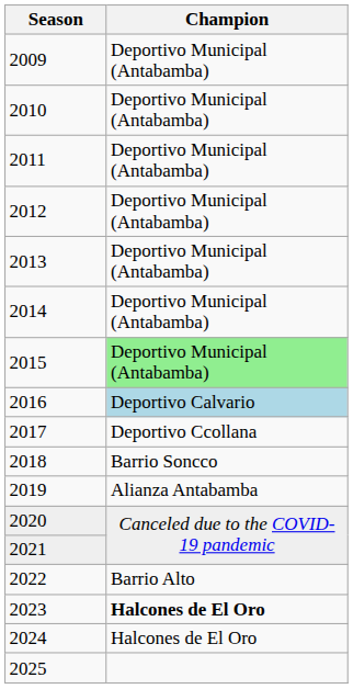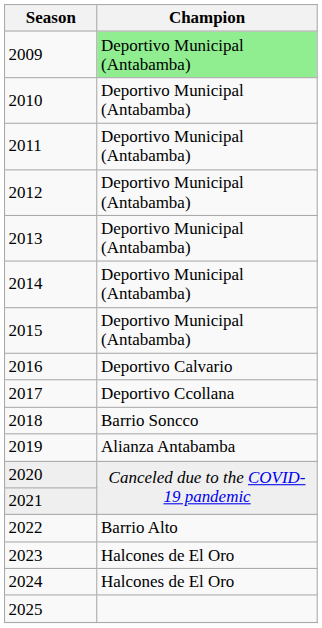 <table class="wikitable sortable">
 <tr>
 <th width=80px>Season</th>
 <th width=200px>Champion</th>
 </tr>
 <tr>
 <td>2009</td>
-<td>Deportivo Municipal (Antabamba)</td>
+<td style="background: lightgreen;">Deportivo Municipal (Antabamba)</td>
 </tr>
 <tr>
 <td>2010</td>
 <td>Deportivo Municipal (Antabamba)</td>
 </tr>
 <tr>
 <td>2011</td>
 <td>Deportivo Municipal (Antabamba)</td>
 </tr>
 <tr>
 <td>2012</td>
 <td>Deportivo Municipal (Antabamba)</td>
 </tr>
 <tr>
 <td>2013</td>
 <td>Deportivo Municipal (Antabamba)</td>
 </tr>
 <tr>
 <td>2014</td>
 <td>Deportivo Municipal (Antabamba)</td>
 </tr>
 <tr>
 <td>2015</td>
-<td style="background: lightgreen;">Deportivo Municipal (Antabamba)</td>
+<td>Deportivo Municipal (Antabamba)</td>
 </tr>
 <tr>
 <td>2016</td>
-<td style="background: lightblue;">Deportivo Calvario</td>
+<td>Deportivo Calvario</td>
 </tr>
 <tr>
 <td>2017</td>
 <td>Deportivo Ccollana</td>
 </tr>
 <tr>
 <td>2018</td>
 <td>Barrio Soncco</td>
 </tr>
 <tr>
 <td>2019</td>
 <td>Alianza Antabamba</td>
 </tr>
 <tr bgcolor=#efefef>
 <td>2020</td>
 <td rowspan=2 colspan="1" align=center><em>Canceled due to the <a href='#'>COVID-19 pandemic</a></em></td>
 </tr>
 <tr bgcolor=#efefef>
 <td>2021</td>
 </tr>
 <tr>
 <td>2022</td>
 <td>Barrio Alto</td>
 </tr>
 <tr>
 <td>2023</td>
-<td><strong>Halcones de El Oro</strong></td>
+<td>Halcones de El Oro</td>
 </tr>
 <tr>
 <td>2024</td>
 <td>Halcones de El Oro</td>
 </tr>
 <tr>
 <td>2025</td>
 <td></td>
 </tr>
 <tr>
 </tr>
 </table>
